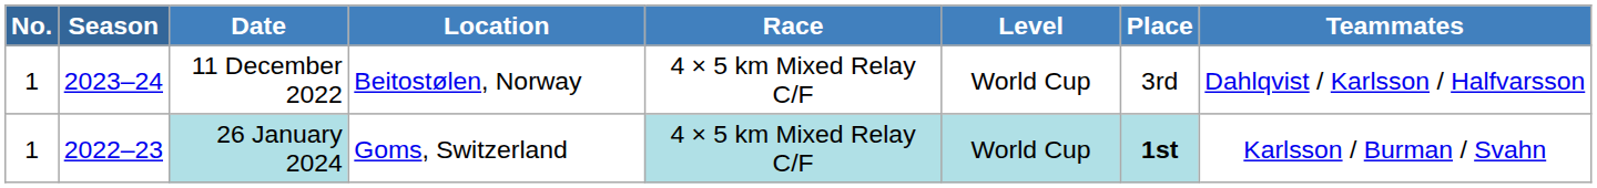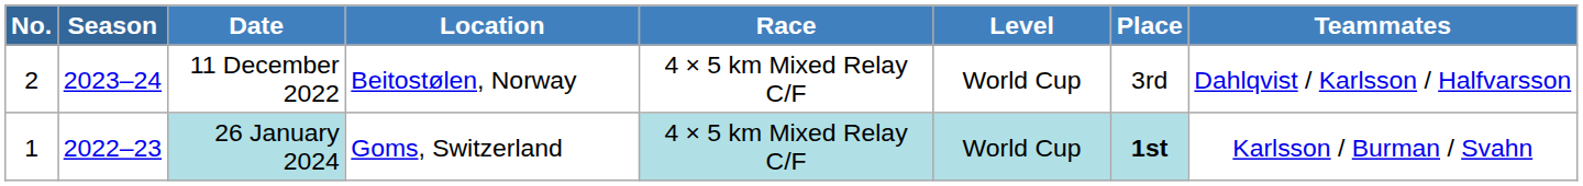 <table class="wikitable sortable" style="font-size:95%; text-align:center; border:grey solid 1px; border-collapse:collapse; background:#ffffff;">
 <tr style="background:#efefef;">
 <th style="background-color:#369; color:white;">No.</th>
 <th style="background-color:#369; color:white;">Season</th>
 <th style="background-color:#4180be; color:white; width:100px;">Date</th>
 <th style="background-color:#4180be; color:white; width:170px;">Location</th>
 <th style="background-color:#4180be; color:white; width:170px;">Race</th>
 <th style="background-color:#4180be; color:white; width:100px;">Level</th>
 <th style="background-color:#4180be; color:white;">Place</th>
 <th style="background-color:#4180be; color:white;">Teammates</th>
 </tr>
 <tr>
-<td align=center>1</td>
+<td align=center>2</td>
 <td align=center><a href='#'>2023–24</a></td>
 <td align=right>11 December 2022</td>
 <td align=left> <a href='#'>Beitostølen</a>, Norway</td>
 <td>4 × 5 km Mixed Relay C/F</td>
 <td>World Cup</td>
 <td>3rd</td>
 <td><a href='#'>Dahlqvist</a> / <a href='#'>Karlsson</a> / <a href='#'>Halfvarsson</a></td>
 </tr>
 <tr>
 <td align=center>1</td>
 <td align=center><a href='#'>2022–23</a></td>
 <td bgcolor="#BOEOE6" align=right>26 January 2024</td>
 <td align=left> <a href='#'>Goms</a>, Switzerland</td>
 <td bgcolor="#BOEOE6">4 × 5 km Mixed Relay C/F</td>
 <td bgcolor="#BOEOE6">World Cup</td>
 <td bgcolor="#BOEOE6"><strong>1st</strong></td>
 <td><a href='#'>Karlsson</a> / <a href='#'>Burman</a> / <a href='#'>Svahn</a></td>
 </tr>
 </table>
